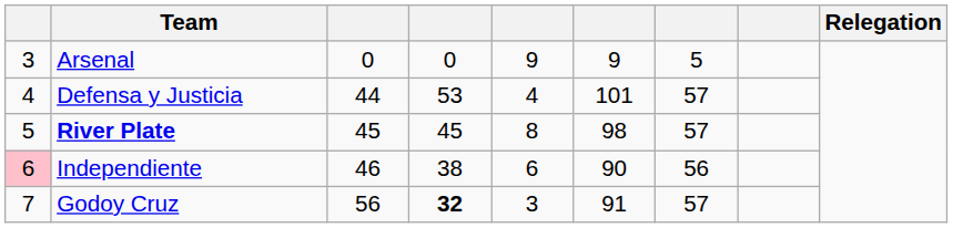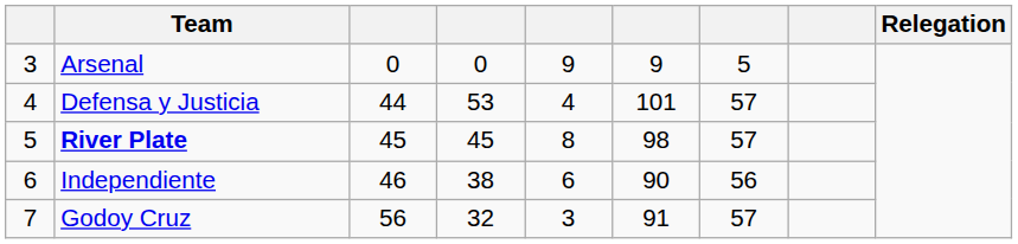 <table class="wikitable sortable" style="text-align: center;">
 <tr>
 <th width=25></th>
 <th width=185>Team</th>
 <th width=50></th>
 <th width=50></th>
 <th width=50></th>
 <th width=50></th>
 <th width=50></th>
 <th width=50></th>
 <th>Relegation</th>
 </tr>
 <tr>
 <td>3</td>
 <td align="left"><a href='#'>Arsenal</a></td>
 <td>0</td>
 <td>0</td>
 <td>9</td>
 <td>9</td>
 <td>5</td>
 <td><strong></strong></td>
 </tr>
 <tr>
 <td>4</td>
 <td align="left"><a href='#'>Defensa y Justicia</a></td>
 <td>44</td>
 <td>53</td>
 <td>4</td>
 <td>101</td>
 <td>57</td>
 <td><strong></strong></td>
 </tr>
 <tr>
 <td>5</td>
 <td align="left"><strong><a href='#'>River Plate</a></strong></td>
 <td>45</td>
 <td>45</td>
 <td>8</td>
 <td>98</td>
 <td>57</td>
 <td><strong></strong></td>
 </tr>
 <tr>
-<td style="background: pink;">6</td>
+<td>6</td>
 <td align="left"><a href='#'>Independiente</a></td>
 <td>46</td>
 <td>38</td>
 <td>6</td>
 <td>90</td>
 <td>56</td>
 <td><strong></strong></td>
 </tr>
 <tr>
 <td>7</td>
 <td align="left"><a href='#'>Godoy Cruz</a></td>
 <td>56</td>
-<td><strong>32</strong></td>
+<td>32</td>
 <td>3</td>
 <td>91</td>
 <td>57</td>
 <td><strong></strong></td>
 </tr>
 </table>
